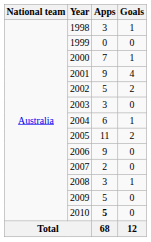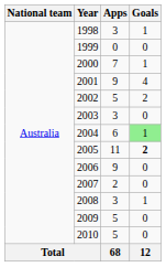 <table class="wikitable" style="text-align:center">
 <tr>
 <th>National team</th>
 <th>Year</th>
 <th>Apps</th>
 <th>Goals</th>
 </tr>
 <tr>
 <td rowspan="13"><a href='#'>Australia</a></td>
 <td>1998</td>
 <td>3</td>
 <td>1</td>
 </tr>
 <tr>
 <td>1999</td>
 <td>0</td>
 <td>0</td>
 </tr>
 <tr>
 <td>2000</td>
 <td>7</td>
 <td>1</td>
 </tr>
 <tr>
 <td>2001</td>
 <td>9</td>
 <td>4</td>
 </tr>
 <tr>
 <td>2002</td>
 <td>5</td>
 <td>2</td>
 </tr>
 <tr>
 <td>2003</td>
 <td>3</td>
 <td>0</td>
 </tr>
 <tr>
 <td>2004</td>
 <td>6</td>
-<td>1</td>
+<td style="background: lightgreen;">1</td>
 </tr>
 <tr>
 <td>2005</td>
 <td>11</td>
-<td>2</td>
+<td><strong>2</strong></td>
 </tr>
 <tr>
 <td>2006</td>
 <td>9</td>
 <td>0</td>
 </tr>
 <tr>
 <td>2007</td>
 <td>2</td>
 <td>0</td>
 </tr>
 <tr>
 <td>2008</td>
 <td>3</td>
 <td>1</td>
 </tr>
 <tr>
 <td>2009</td>
 <td>5</td>
 <td>0</td>
 </tr>
 <tr>
 <td>2010</td>
-<td><strong>5</strong></td>
+<td>5</td>
 <td>0</td>
 </tr>
 <tr>
 <th colspan="2">Total</th>
 <th>68</th>
 <th>12</th>
 </tr>
 </table>
